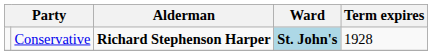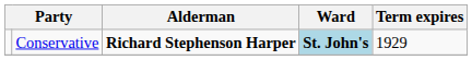 <table class="wikitable">
 <tr>
 <th colspan="2">Party</th>
 <th>Alderman</th>
 <th>Ward</th>
 <th>Term expires</th>
 </tr>
 <tr>
 <td style="background-color:"></td>
 <td><a href='#'>Conservative</a></td>
 <td><strong>Richard Stephenson Harper</strong></td>
 <td style="background: lightblue;"><strong>St. John's</strong></td>
-<td>1928</td>
+<td>1929</td>
 </tr>
 <tr>
 </tr>
 </table>
